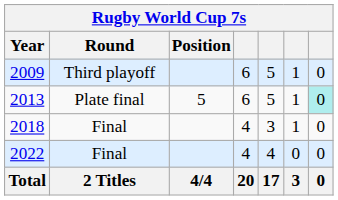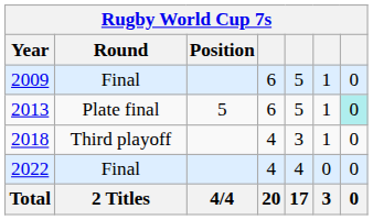 <table class="wikitable" style="text-align: center;">
 <tr>
 <th colspan=10><a href='#'>Rugby World Cup 7s</a></th>
 </tr>
 <tr>
 <th>Year</th>
 <th style="width:6.5em;">Round</th>
 <th style="padding:2px;">Position</th>
 <th style="width:1em;"></th>
 <th style="width:1em;"></th>
 <th style="width:1em;"></th>
 <th style="width:1em;"></th>
 </tr>
 <tr bgcolor=#def>
 <td> <a href='#'>2009</a></td>
-<td>Third playoff</td>
+<td>Final</td>
 <td></td>
 <td>6</td>
 <td>5</td>
 <td>1</td>
 <td>0</td>
 </tr>
 <tr>
 <td> <a href='#'>2013</a></td>
 <td>Plate final</td>
 <td>5</td>
 <td>6</td>
 <td>5</td>
 <td>1</td>
 <td style="background: paleturquoise;">0</td>
 </tr>
 <tr>
 <td> <a href='#'>2018</a></td>
-<td>Final</td>
+<td>Third playoff</td>
 <td></td>
 <td>4</td>
 <td>3</td>
 <td>1</td>
 <td>0</td>
 </tr>
 <tr bgcolor=#def>
 <td> <a href='#'>2022</a></td>
 <td>Final</td>
 <td></td>
 <td>4</td>
 <td>4</td>
 <td>0</td>
 <td>0</td>
 </tr>
 <tr>
 <th>Total</th>
 <th>2 Titles</th>
 <th>4/4</th>
 <th>20</th>
 <th>17</th>
 <th>3</th>
 <th>0</th>
 </tr>
 </table>
